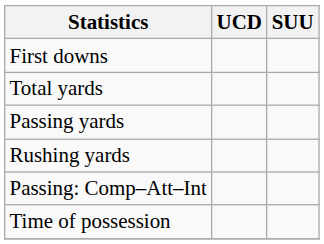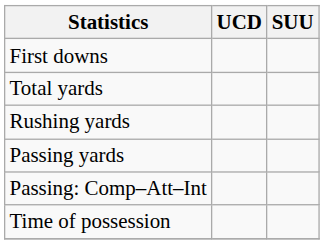 <table class="wikitable" style="float: left;">
 <tr>
 <th>Statistics</th>
 <th>UCD</th>
 <th>SUU</th>
 </tr>
 <tr>
 <td>First downs</td>
 <td></td>
 <td></td>
 </tr>
 <tr>
 <td>Total yards</td>
 <td></td>
 <td></td>
 </tr>
 <tr>
-<td>Passing yards</td>
+<td>Rushing yards</td>
 <td></td>
 <td></td>
 </tr>
 <tr>
-<td>Rushing yards</td>
+<td>Passing yards</td>
 <td></td>
 <td></td>
 </tr>
 <tr>
 <td>Passing: Comp–Att–Int</td>
 <td></td>
 <td></td>
 </tr>
 <tr>
 <td>Time of possession</td>
 <td></td>
 <td></td>
 </tr>
 <tr>
 </tr>
 </table>
